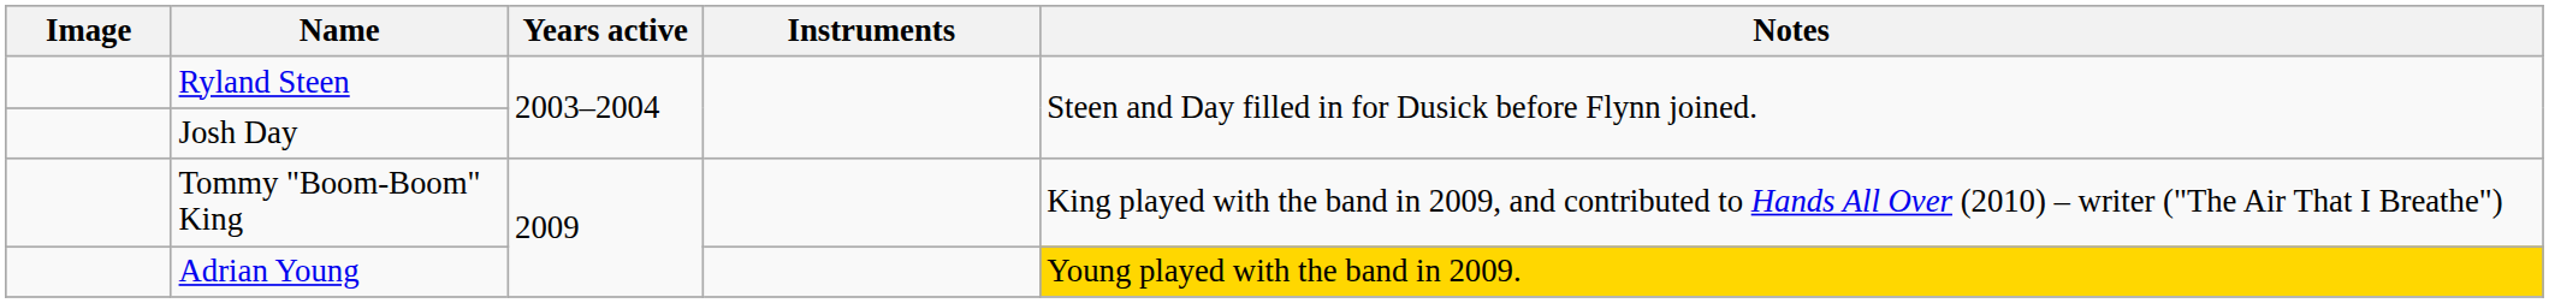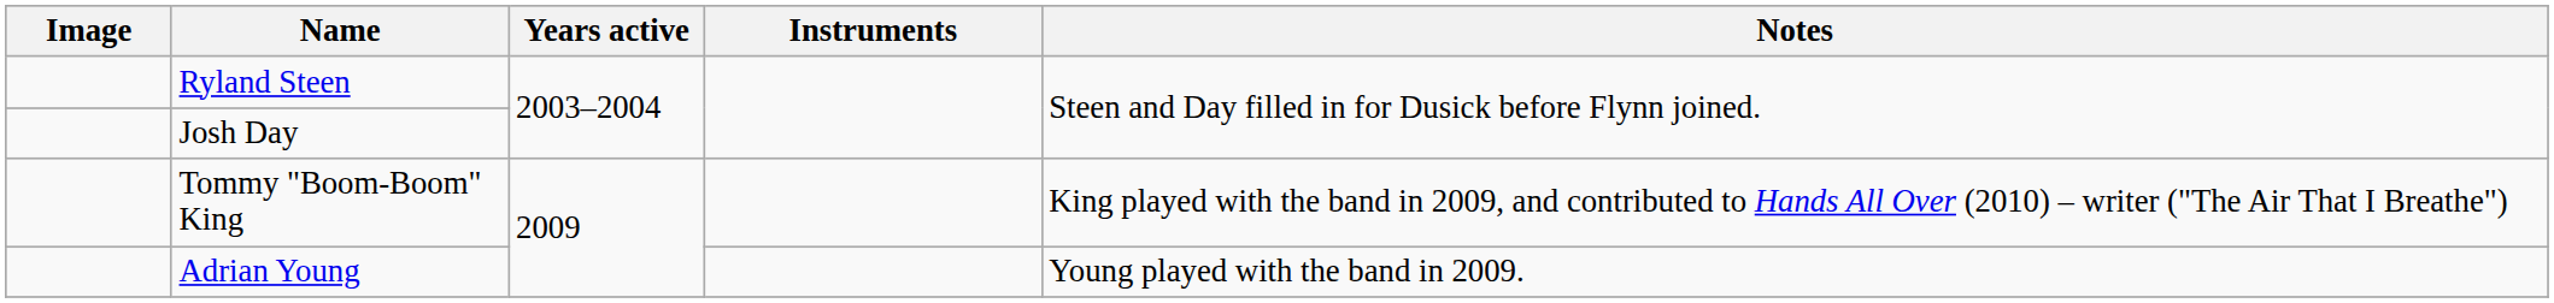 <table class="wikitable" border="1" width=100%>
 <tr>
 <th width="75">Image</th>
 <th width="160">Name</th>
 <th width="90">Years active</th>
 <th width="160">Instruments</th>
 <th>Notes</th>
 </tr>
 <tr>
 <td></td>
 <td><a href='#'>Ryland Steen</a></td>
 <td rowspan="2">2003–2004</td>
 <td rowspan="2"></td>
 <td rowspan="2">Steen and Day filled in for Dusick before Flynn joined.</td>
 </tr>
 <tr>
 <td></td>
 <td>Josh Day</td>
 </tr>
 <tr>
 <td></td>
 <td>Tommy "Boom-Boom" King</td>
 <td rowspan="2">2009</td>
 <td></td>
 <td>King played with the band in 2009, and contributed to <em><a href='#'>Hands All Over</a></em> (2010) – writer ("The Air That I Breathe")</td>
 </tr>
 <tr>
 <td></td>
 <td><a href='#'>Adrian Young</a></td>
 <td></td>
-<td style="background: gold;">Young played with the band in 2009.</td>
+<td>Young played with the band in 2009.</td>
 </tr>
 </table>
